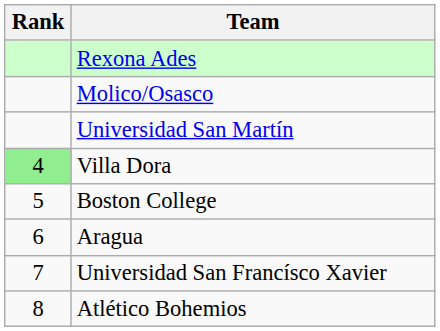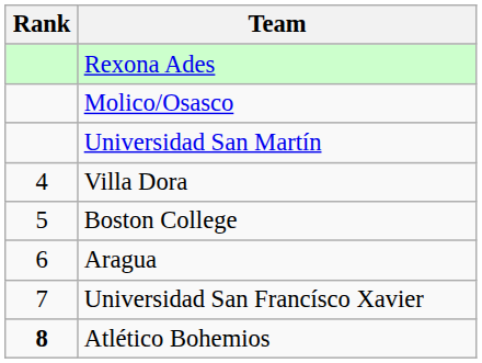 <table class="wikitable" style="text-align: center;">
 <tr>
 <th width=40>Rank</th>
 <th width=250>Team</th>
 </tr>
 <tr bgcolor=#ccffcc align=center>
 <td></td>
 <td style="text-align:left;"> <a href='#'>Rexona Ades</a></td>
 </tr>
 <tr align=center>
 <td></td>
 <td style="text-align:left;"> <a href='#'>Molico/Osasco</a></td>
 </tr>
 <tr align=center>
 <td></td>
 <td style="text-align:left;"> <a href='#'>Universidad San Martín</a></td>
 </tr>
 <tr align=center>
-<td style="background: lightgreen;">4</td>
+<td>4</td>
 <td style="text-align:left;"> Villa Dora</td>
 </tr>
 <tr align=center>
 <td>5</td>
 <td style="text-align:left;"> Boston College</td>
 </tr>
 <tr align=center>
 <td>6</td>
 <td style="text-align:left;"> Aragua</td>
 </tr>
 <tr align=center>
 <td>7</td>
 <td style="text-align:left;"> Universidad San Francísco Xavier</td>
 </tr>
 <tr align=center>
-<td>8</td>
+<td><strong>8</strong></td>
 <td style="text-align:left;"> Atlético Bohemios</td>
 </tr>
 </table>
